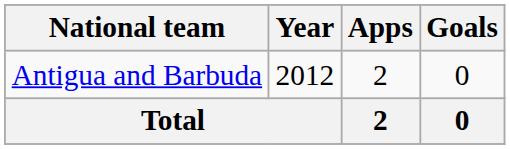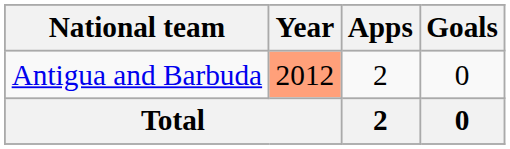 <table class="wikitable" style="text-align: center;">
 <tr>
 <th>National team</th>
 <th>Year</th>
 <th>Apps</th>
 <th>Goals</th>
 </tr>
 <tr>
 <td rowspan="1" valign="center"><a href='#'>Antigua and Barbuda</a></td>
-<td>2012</td>
+<td style="background: lightsalmon;">2012</td>
 <td>2</td>
 <td>0</td>
 </tr>
 <tr>
 <th colspan="2">Total</th>
 <th>2</th>
 <th>0</th>
 </tr>
 </table>
